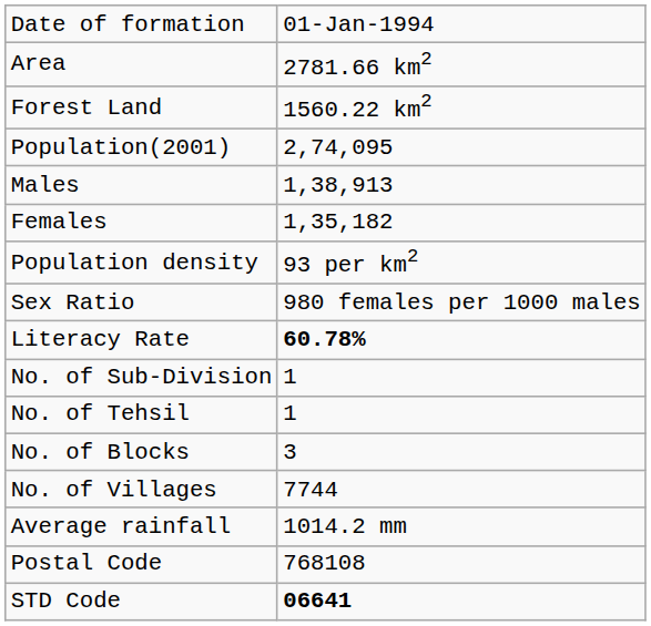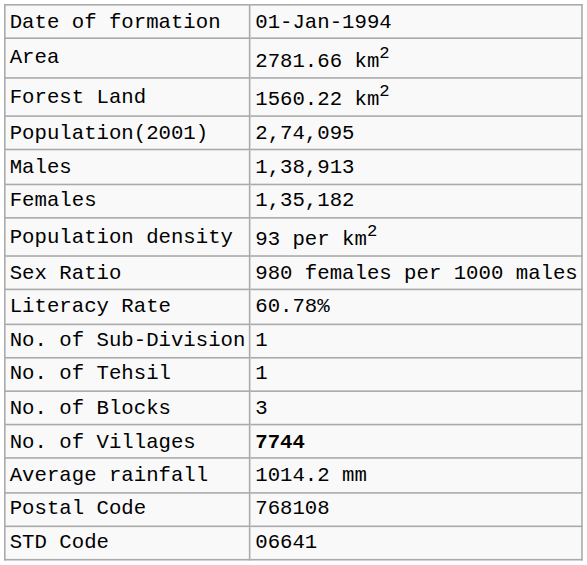 <table class="wikitable">
 <tr>
 <td>Date of formation</td>
 <td>01-Jan-1994</td>
 </tr>
 <tr>
 <td>Area</td>
 <td>2781.66 km<sup>2</sup></td>
 </tr>
 <tr>
 <td>Forest Land</td>
 <td>1560.22 km<sup>2</sup></td>
 </tr>
 <tr>
 <td>Population(2001)</td>
 <td>2,74,095</td>
 </tr>
 <tr>
 <td>Males</td>
 <td>1,38,913</td>
 </tr>
 <tr>
 <td>Females</td>
 <td>1,35,182</td>
 </tr>
 <tr>
 <td>Population density</td>
 <td>93 per km<sup>2</sup></td>
 </tr>
 <tr>
 <td>Sex Ratio</td>
 <td>980 females per 1000 males</td>
 </tr>
 <tr>
 <td>Literacy Rate</td>
-<td><strong>60.78%</strong></td>
+<td>60.78%</td>
 </tr>
 <tr>
 <td>No. of Sub-Division</td>
 <td>1</td>
 </tr>
 <tr>
 <td>No. of Tehsil</td>
 <td>1</td>
 </tr>
 <tr>
 <td>No. of Blocks</td>
 <td>3</td>
 </tr>
 <tr>
 <td>No. of Villages</td>
-<td>7744</td>
+<td><strong>7744</strong></td>
 </tr>
 <tr>
 <td>Average rainfall</td>
 <td>1014.2 mm</td>
 </tr>
 <tr>
 <td>Postal Code</td>
 <td>768108</td>
 </tr>
 <tr>
 <td>STD Code</td>
-<td><strong>06641</strong></td>
+<td>06641</td>
 </tr>
 </table>
